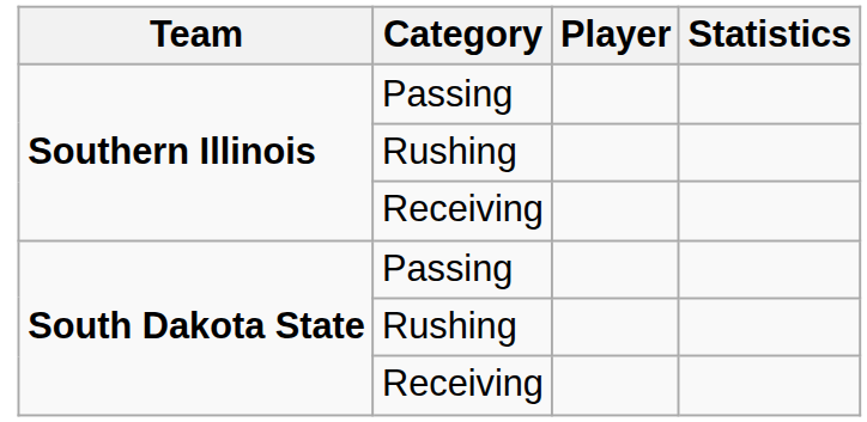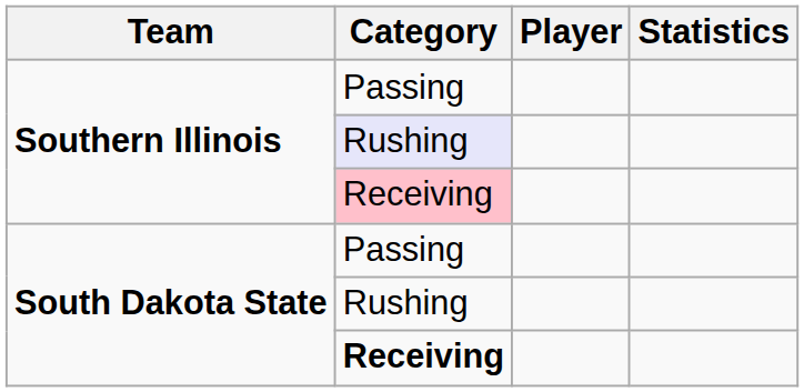 <table class="wikitable" style="float: right;">
 <tr>
 <th>Team</th>
 <th>Category</th>
 <th>Player</th>
 <th>Statistics</th>
 </tr>
 <tr>
 <td rowspan=3><strong>Southern Illinois</strong></td>
 <td>Passing</td>
 <td></td>
 <td></td>
 </tr>
 <tr>
-<td>Rushing</td>
+<td style="background: lavender;">Rushing</td>
 <td></td>
 <td></td>
 </tr>
 <tr>
-<td>Receiving</td>
+<td style="background: pink;">Receiving</td>
 <td></td>
 <td></td>
 </tr>
 <tr>
 <td rowspan=3><strong>South Dakota State</strong></td>
 <td>Passing</td>
 <td></td>
 <td></td>
 </tr>
 <tr>
 <td>Rushing</td>
 <td></td>
 <td></td>
 </tr>
 <tr>
-<td>Receiving</td>
+<td><strong>Receiving</strong></td>
 <td></td>
 <td></td>
 </tr>
 </table>
